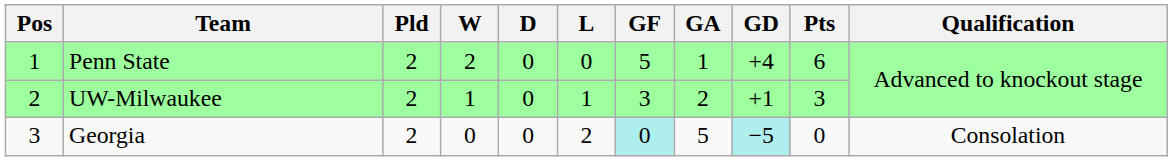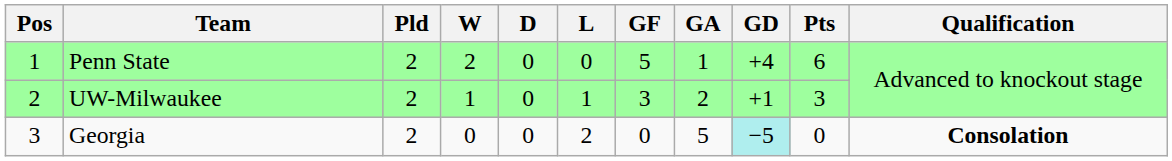 <table class="wikitable" style="text-align:center; margin: 1em auto">
 <tr>
 <th style="width:2em">Pos</th>
 <th style="width:13em">Team</th>
 <th style="width:2em">Pld</th>
 <th style="width:2em">W</th>
 <th style="width:2em">D</th>
 <th style="width:2em">L</th>
 <th style="width:2em">GF</th>
 <th style="width:2em">GA</th>
 <th style="width:2em">GD</th>
 <th style="width:2em">Pts</th>
 <th style="width:13em">Qualification</th>
 </tr>
 <tr bgcolor="#9eff9e">
 <td>1</td>
 <td style="text-align:left">Penn State</td>
 <td>2</td>
 <td>2</td>
 <td>0</td>
 <td>0</td>
 <td>5</td>
 <td>1</td>
 <td>+4</td>
 <td>6</td>
 <td rowspan="2">Advanced to knockout stage</td>
 </tr>
 <tr bgcolor="#9eff9e">
 <td>2</td>
 <td style="text-align:left">UW-Milwaukee</td>
 <td>2</td>
 <td>1</td>
 <td>0</td>
 <td>1</td>
 <td>3</td>
 <td>2</td>
 <td>+1</td>
 <td>3</td>
 </tr>
 <tr>
 <td>3</td>
 <td style="text-align:left">Georgia</td>
 <td>2</td>
 <td>0</td>
 <td>0</td>
 <td>2</td>
-<td style="background: paleturquoise;">0</td>
+<td>0</td>
 <td>5</td>
 <td style="background: paleturquoise;">−5</td>
 <td>0</td>
-<td>Consolation</td>
+<td><strong>Consolation</strong></td>
 </tr>
 </table>
